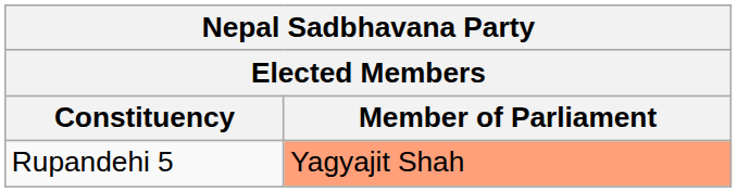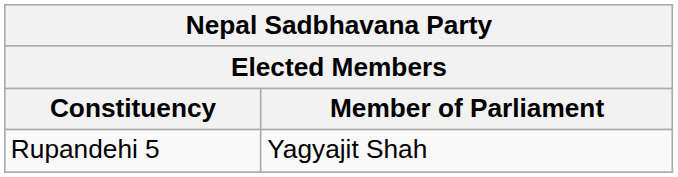 <table role="presentation" class="wikitable mw-collapsible mw-collapsed">
 <tr>
 <th colspan="2" style="width: 300pt; background:">Nepal Sadbhavana Party</th>
 </tr>
 <tr>
 <th colspan="2">Elected Members</th>
 </tr>
 <tr>
 <th>Constituency</th>
 <th>Member of Parliament</th>
 </tr>
 <tr>
 <td>Rupandehi 5</td>
-<td style="background: lightsalmon;">Yagyajit Shah</td>
+<td>Yagyajit Shah</td>
 </tr>
 </table>
